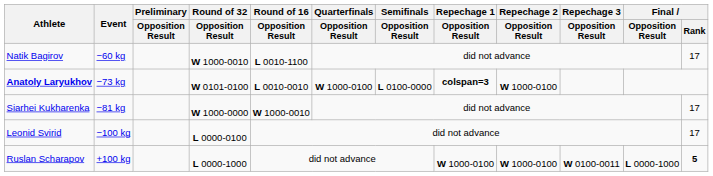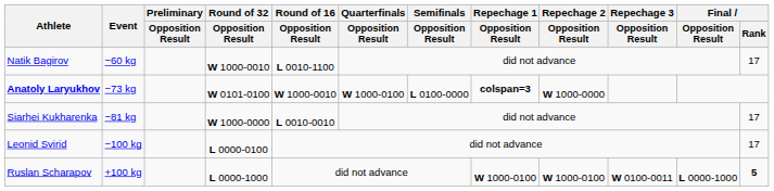 <table class="wikitable" style="font-size:90%">
 <tr>
 <th rowspan="2">Athlete</th>
 <th rowspan="2">Event</th>
 <th>Preliminary</th>
 <th>Round of 32</th>
 <th>Round of 16</th>
 <th>Quarterfinals</th>
 <th>Semifinals</th>
 <th>Repechage 1</th>
 <th>Repechage 2</th>
 <th>Repechage 3</th>
 <th colspan=2>Final / </th>
 </tr>
 <tr style="font-size:95%">
 <th>Opposition<br>Result</th>
 <th>Opposition<br>Result</th>
 <th>Opposition<br>Result</th>
 <th>Opposition<br>Result</th>
 <th>Opposition<br>Result</th>
 <th>Opposition<br>Result</th>
 <th>Opposition<br>Result</th>
 <th>Opposition<br>Result</th>
 <th>Opposition<br>Result</th>
 <th>Rank</th>
 </tr>
 <tr align=center>
 <td align=left><a href='#'>Natik Bagirov</a></td>
 <td align=left><a href='#'>−60 kg</a></td>
 <td></td>
 <td><br><strong>W</strong> 1000-0010</td>
 <td><br><strong>L</strong> 0010-1100</td>
 <td colspan=6>did not advance</td>
 <td>17</td>
 </tr>
 <tr align=center>
 <td align=left><strong><a href='#'>Anatoly Laryukhov</a></strong></td>
 <td align=left><a href='#'>−73 kg</a></td>
 <td></td>
 <td><br><strong>W</strong> 0101-0100</td>
-<td><br><strong>L</strong> 0010-0010</td>
+<td><br><strong>W</strong> 1000-0010</td>
 <td><br><strong>W</strong> 1000-0100</td>
 <td><br><strong>L</strong> 0100-0000</td>
 <td><strong>colspan=3 </strong></td>
-<td><br><strong>W</strong> 1000-0100</td>
+<td><br><strong>W</strong> 1000-0000</td>
 <td></td>
 </tr>
 <tr align=center>
 <td align=left><a href='#'>Siarhei Kukharenka</a></td>
 <td align=left><a href='#'>−81 kg</a></td>
 <td></td>
 <td><br><strong>W</strong> 1000-0000</td>
-<td><br><strong>W</strong> 1000-0010</td>
+<td><br><strong>L</strong> 0010-0010</td>
 <td colspan=6>did not advance</td>
 <td>17</td>
 </tr>
 <tr align=center>
 <td align=left><a href='#'>Leonid Svirid</a></td>
 <td align=left><a href='#'>−100 kg</a></td>
 <td></td>
 <td><br><strong>L</strong> 0000-0100</td>
 <td colspan=7>did not advance</td>
 <td>17</td>
 </tr>
 <tr align=center>
 <td align=left><a href='#'>Ruslan Scharapov</a></td>
 <td align=left><a href='#'>+100 kg</a></td>
 <td></td>
 <td><br><strong>L</strong> 0000-1000</td>
 <td colspan=3>did not advance</td>
 <td><br><strong>W</strong> 1000-0100</td>
 <td><br><strong>W</strong> 1000-0100</td>
 <td><br><strong>W</strong> 0100-0011</td>
 <td><br><strong>L</strong> 0000-1000</td>
 <td><strong>5</strong></td>
 </tr>
 </table>
